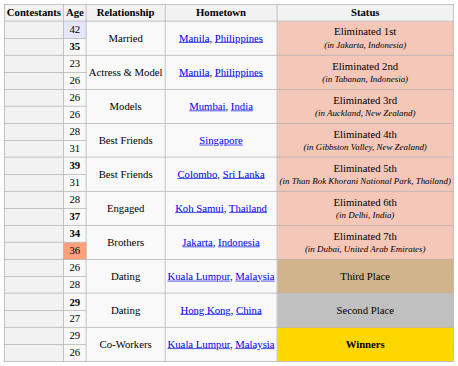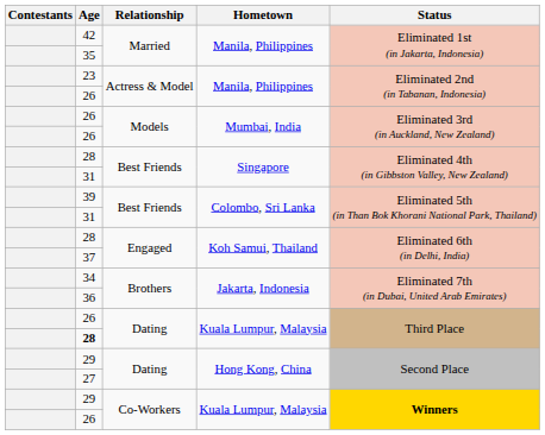 <table class="wikitable sortable" style="text-align:center;">
 <tr>
 <th scope="col">Contestants</th>
 <th scope="col">Age</th>
 <th class="unsortable" scope="col">Relationship</th>
 <th scope="col" class="unsortable">Hometown</th>
 <th scope="col">Status</th>
 </tr>
 <tr>
 <th scope="row"></th>
-<td style="background: lavender;">42</td>
+<td>42</td>
 <td rowspan="2">Married</td>
 <td rowspan="2"><a href='#'>Manila</a>, <a href='#'>Philippines</a></td>
 <td rowspan="2" bgcolor="f4c7b8">Eliminated 1st<br><small><em>(in Jakarta, Indonesia)</em></small></td>
 </tr>
 <tr>
 <th scope="row"></th>
-<td><strong>35</strong></td>
+<td>35</td>
 </tr>
 <tr>
 <th scope="row"></th>
 <td>23</td>
 <td rowspan="2">Actress & Model</td>
 <td rowspan="2"><a href='#'>Manila</a>, <a href='#'>Philippines</a></td>
 <td rowspan="2" bgcolor="f4c7b8">Eliminated 2nd<br><small><em>(in Tabanan, Indonesia)</em></small></td>
 </tr>
 <tr>
 <th scope="row"></th>
 <td>26</td>
 </tr>
 <tr>
 <th scope="row"></th>
 <td>26</td>
 <td rowspan="2">Models</td>
 <td rowspan="2"><a href='#'>Mumbai</a>, <a href='#'>India</a></td>
 <td rowspan="2" bgcolor="f4c7b8">Eliminated 3rd<br><small><em>(in Auckland, New Zealand)</em></small></td>
 </tr>
 <tr>
 <th scope="row"></th>
 <td>26</td>
 </tr>
 <tr>
 <th scope="row"></th>
 <td>28</td>
 <td rowspan="2">Best Friends</td>
 <td rowspan="2"><a href='#'>Singapore</a></td>
 <td rowspan="2" bgcolor="f4c7b8">Eliminated 4th<br><small><em>(in Gibbston Valley, New Zealand)</em></small></td>
 </tr>
 <tr>
 <th scope="row"></th>
 <td>31</td>
 </tr>
 <tr>
 <th scope="row"></th>
-<td><strong>39</strong></td>
+<td>39</td>
 <td rowspan="2">Best Friends</td>
 <td rowspan="2"><a href='#'>Colombo</a>, <a href='#'>Sri Lanka</a></td>
 <td rowspan="2" bgcolor="f4c7b8">Eliminated 5th<br><small><em>(in Than Bok Khorani National Park, Thailand)</em></small></td>
 </tr>
 <tr>
 <th scope="row"></th>
 <td>31</td>
 </tr>
 <tr>
 <th scope="row"></th>
 <td>28</td>
 <td rowspan="2">Engaged</td>
 <td rowspan="2"><a href='#'>Koh Samui</a>, <a href='#'>Thailand</a></td>
 <td rowspan="2" bgcolor="f4c7b8">Eliminated 6th<br><small><em>(in Delhi, India)</em></small></td>
 </tr>
 <tr>
 <th scope="row"></th>
-<td><strong>37</strong></td>
+<td>37</td>
 </tr>
 <tr>
 <th scope="row"></th>
-<td><strong>34</strong></td>
+<td>34</td>
 <td rowspan="2">Brothers</td>
 <td rowspan="2"><a href='#'>Jakarta</a>, <a href='#'>Indonesia</a></td>
 <td rowspan="2" bgcolor="f4c7b8">Eliminated 7th<br><small><em>(in Dubai, United Arab Emirates)</em></small></td>
 </tr>
 <tr>
 <th scope="row"></th>
-<td style="background: lightsalmon;">36</td>
+<td>36</td>
 </tr>
 <tr>
 <th scope="row"></th>
 <td>26</td>
 <td rowspan="2">Dating</td>
 <td rowspan="2"><a href='#'>Kuala Lumpur</a>, <a href='#'>Malaysia</a></td>
 <td rowspan="2" bgcolor="tan">Third Place</td>
 </tr>
 <tr>
 <th scope="row"></th>
-<td>28</td>
+<td><strong>28</strong></td>
 </tr>
 <tr>
 <th scope="row"></th>
-<td><strong>29</strong></td>
+<td>29</td>
 <td rowspan="2">Dating</td>
 <td rowspan="2"><a href='#'>Hong Kong</a>, <a href='#'>China</a></td>
 <td rowspan="2" bgcolor="silver">Second Place</td>
 </tr>
 <tr>
 <th scope="row"></th>
 <td>27</td>
 </tr>
 <tr>
 <th scope="row"></th>
 <td>29</td>
 <td rowspan="2">Co-Workers</td>
 <td rowspan="2"><a href='#'>Kuala Lumpur</a>, <a href='#'>Malaysia</a></td>
 <td rowspan="2" bgcolor="gold"><strong>Winners</strong></td>
 </tr>
 <tr>
 <th scope="row"></th>
 <td>26</td>
 </tr>
 </table>
